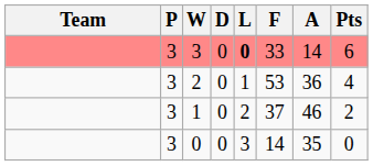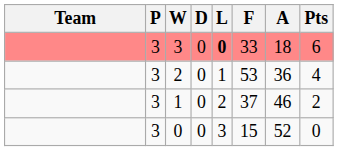 <table class="wikitable" style="text-align:center;">
 <tr>
 <th width="120px">Team</th>
 <th>P</th>
 <th>W</th>
 <th>D</th>
 <th>L</th>
 <th width="23px">F</th>
 <th width="23px">A</th>
 <th width="23px">Pts</th>
 </tr>
 <tr bgcolor="#FF8888">
 <td></td>
 <td>3</td>
 <td>3</td>
 <td>0</td>
 <td><strong>0</strong></td>
 <td>33</td>
-<td>14</td>
+<td>18</td>
 <td>6</td>
 </tr>
 <tr>
 <td></td>
 <td>3</td>
 <td>2</td>
 <td>0</td>
 <td>1</td>
 <td>53</td>
 <td>36</td>
 <td>4</td>
 </tr>
 <tr>
 <td></td>
 <td>3</td>
 <td>1</td>
 <td>0</td>
 <td>2</td>
 <td>37</td>
 <td>46</td>
 <td>2</td>
 </tr>
 <tr>
 <td></td>
 <td>3</td>
 <td>0</td>
 <td>0</td>
 <td>3</td>
-<td>14</td>
-<td>35</td>
+<td>15</td>
+<td>52</td>
 <td>0</td>
 </tr>
 </table>
